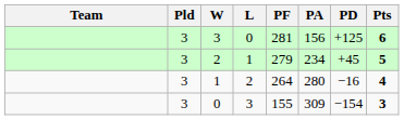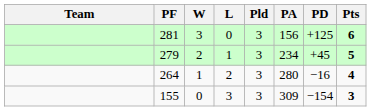 <table class=wikitable style="text-align:center">
 <tr>
 <th width=180>Team</th>
-<th width=30>Pld</th>
+<th width=30>PF</th>
 <th width=30>W</th>
 <th width=30>L</th>
-<th width=30>PF</th>
+<th width=30>Pld</th>
 <th width=30>PA</th>
 <th width=30>PD</th>
 <th width=30>Pts</th>
 </tr>
 <tr align=center bgcolor="#ccffcc">
 <td align=left></td>
-<td>3</td>
+<td>281</td>
 <td>3</td>
 <td>0</td>
-<td>281</td>
+<td>3</td>
 <td>156</td>
 <td>+125</td>
 <td><strong>6</strong></td>
 </tr>
 <tr align=center bgcolor="#ccffcc">
 <td align=left></td>
-<td>3</td>
+<td>279</td>
 <td>2</td>
 <td>1</td>
-<td>279</td>
+<td>3</td>
 <td>234</td>
 <td>+45</td>
 <td><strong>5</strong></td>
 </tr>
 <tr align=center>
 <td align=left></td>
-<td>3</td>
+<td>264</td>
 <td>1</td>
 <td>2</td>
-<td>264</td>
+<td>3</td>
 <td>280</td>
 <td>−16</td>
 <td><strong>4</strong></td>
 </tr>
 <tr align=center>
 <td align=left></td>
-<td>3</td>
+<td>155</td>
 <td>0</td>
 <td>3</td>
-<td>155</td>
+<td>3</td>
 <td>309</td>
 <td>−154</td>
 <td><strong>3</strong></td>
 </tr>
 </table>
